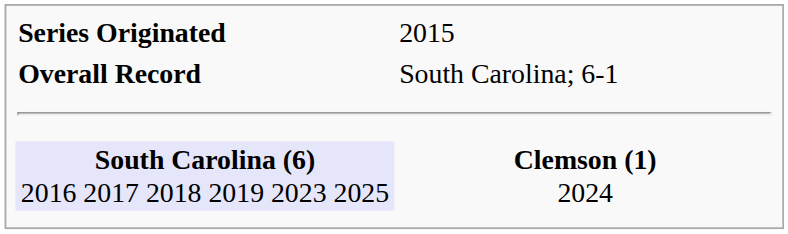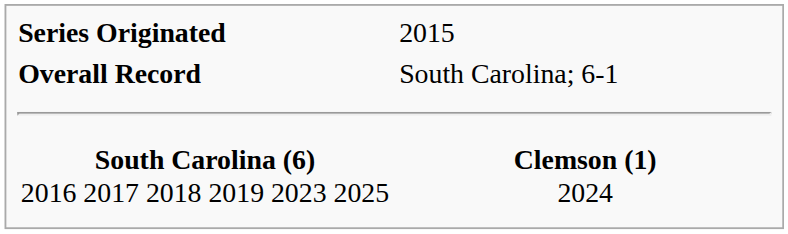 <table class="infobox" style="width: 28em; font-size: 95%;">
 <tr>
 <td><strong>Series Originated</strong></td>
 <td>2015</td>
 </tr>
 <tr>
 <td><strong>Overall Record</strong></td>
 <td>South Carolina; 6-1</td>
 </tr>
 <tr>
 <td colspan="2" align="center"><hr></td>
 </tr>
 <tr>
 <td align="center" style="width:14em"></td>
 <td align="center" style="width:14em"></td>
 </tr>
 <tr>
-<td align="center" style="background: lavender;"><strong>South Carolina (6)</strong><br>2016 2017 2018 2019 2023 2025<br></td>
+<td align="center"><strong>South Carolina (6)</strong><br>2016 2017 2018 2019 2023 2025<br></td>
 <td align="center"><strong>Clemson (1)</strong><br>2024</td>
 </tr>
 <tr>
 <td align=center colspan="2" style="white-space: nowrap;"></td>
 </tr>
 </table>
